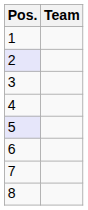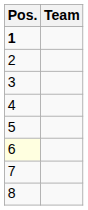 <table class="wikitable">
 <tr>
 <th>Pos.</th>
 <th>Team</th>
 </tr>
 <tr>
-<td>1</td>
+<td><strong>1</strong></td>
 <td></td>
 </tr>
 <tr>
-<td style="background: lavender;">2</td>
+<td>2</td>
 <td></td>
 </tr>
 <tr>
 <td>3</td>
 <td></td>
 </tr>
 <tr>
 <td>4</td>
 <td></td>
 </tr>
 <tr>
-<td style="background: lavender;">5</td>
+<td>5</td>
 <td></td>
 </tr>
 <tr>
-<td>6</td>
+<td style="background: lightyellow;">6</td>
 <td></td>
 </tr>
 <tr>
 <td>7</td>
 <td></td>
 </tr>
 <tr>
 <td>8</td>
 <td></td>
 </tr>
 </table>
